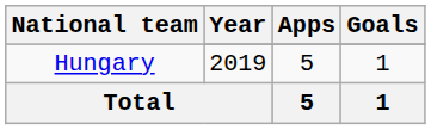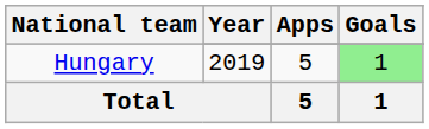 <table class="wikitable" style="text-align: center;">
 <tr>
 <th>National team</th>
 <th>Year</th>
 <th>Apps</th>
 <th>Goals</th>
 </tr>
 <tr>
 <td rowspan="2"><a href='#'>Hungary</a></td>
 </tr>
 <tr>
 <td>2019</td>
 <td>5</td>
-<td>1</td>
+<td style="background: lightgreen;">1</td>
 </tr>
 <tr>
 <th colspan="2">Total</th>
 <th>5</th>
 <th>1</th>
 </tr>
 </table>
